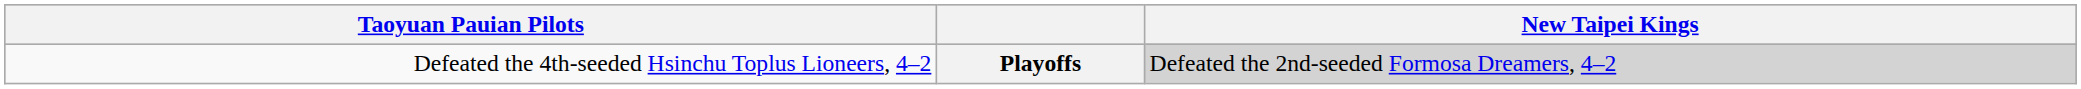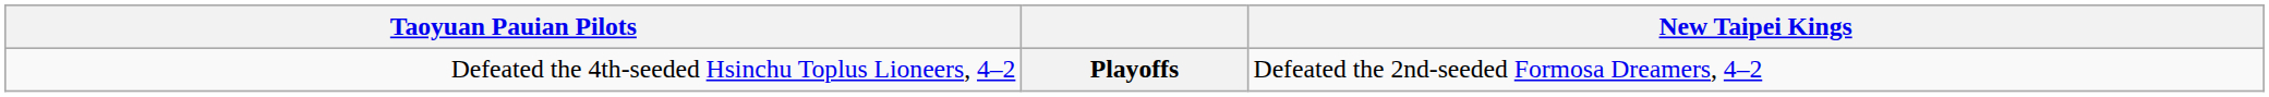 <table style="width:100%; font-size:90%" class="wikitable">
 <tr valign=top>
 <th style="width:45%;"><a href='#'>Taoyuan Pauian Pilots</a></th>
 <th colspan="2"></th>
 <th style="width:45%;"><a href='#'>New Taipei Kings</a></th>
 </tr>
 <tr>
 <td align=right>Defeated the 4th-seeded <a href='#'>Hsinchu Toplus Lioneers</a>, <a href='#'>4–2</a></td>
 <th colspan=2>Playoffs</th>
-<td align=left style="background: lightgrey;">Defeated the 2nd-seeded <a href='#'>Formosa Dreamers</a>, <a href='#'>4–2</a></td>
+<td align=left>Defeated the 2nd-seeded <a href='#'>Formosa Dreamers</a>, <a href='#'>4–2</a></td>
 </tr>
 </table>
